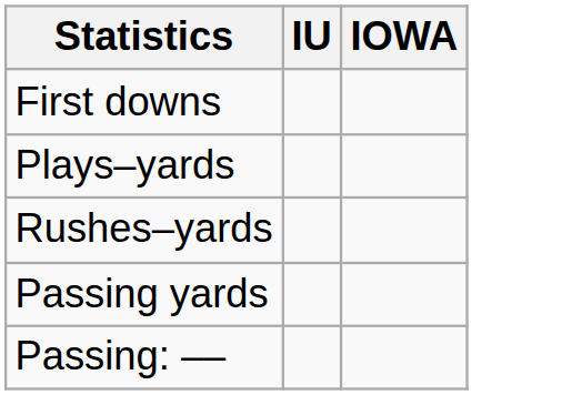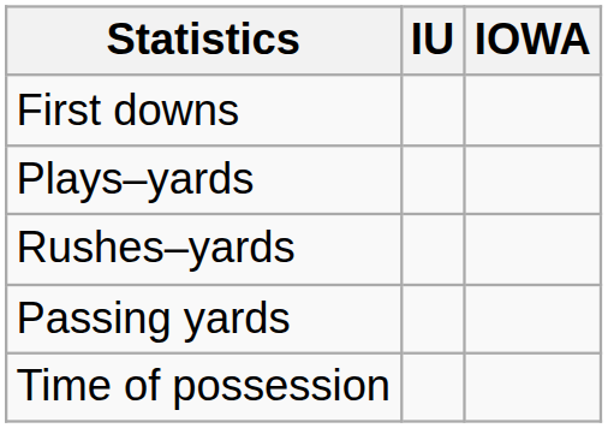 <table class="wikitable" style="float:left">
 <tr>
 <th>Statistics</th>
 <th>IU</th>
 <th>IOWA</th>
 </tr>
 <tr>
 <td>First downs</td>
 <td></td>
 <td></td>
 </tr>
 <tr>
 <td>Plays–yards</td>
 <td></td>
 <td></td>
 </tr>
 <tr>
 <td>Rushes–yards</td>
 <td></td>
 <td></td>
 </tr>
 <tr>
 <td>Passing yards</td>
 <td></td>
 <td></td>
 </tr>
 <tr>
-<td>Passing: ––</td>
+<td>Time of possession</td>
 <td></td>
 <td></td>
 </tr>
 </table>
